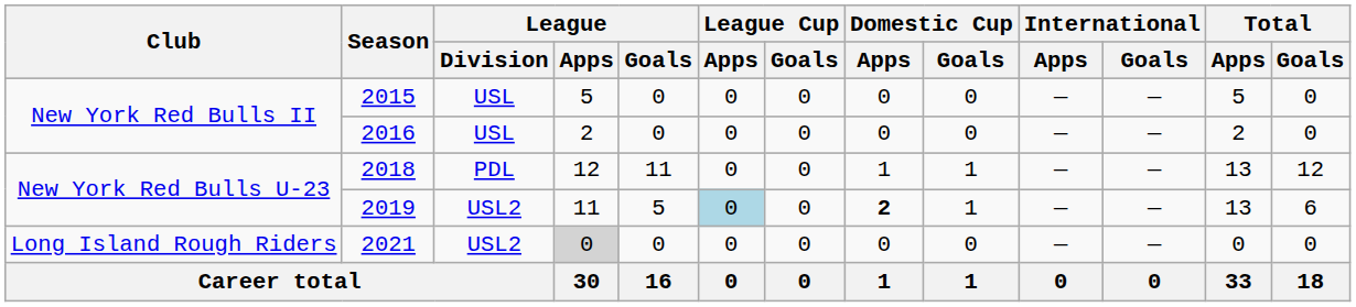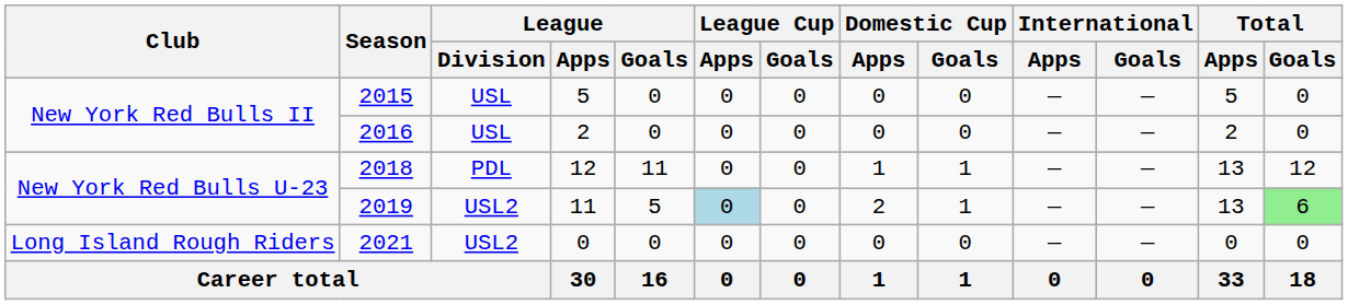 <table class="wikitable" style="text-align: center;">
 <tr>
 <th rowspan="2">Club</th>
 <th rowspan="2">Season</th>
 <th colspan="3">League</th>
 <th colspan="2">League Cup</th>
 <th colspan="2">Domestic Cup</th>
 <th colspan="2">International</th>
 <th colspan="2">Total</th>
 </tr>
 <tr>
 <th>Division</th>
 <th>Apps</th>
 <th>Goals</th>
 <th>Apps</th>
 <th>Goals</th>
 <th>Apps</th>
 <th>Goals</th>
 <th>Apps</th>
 <th>Goals</th>
 <th>Apps</th>
 <th>Goals</th>
 </tr>
 <tr>
 <td rowspan="2"><a href='#'>New York Red Bulls II</a></td>
 <td><a href='#'>2015</a></td>
 <td><a href='#'>USL</a></td>
 <td>5</td>
 <td>0</td>
 <td>0</td>
 <td>0</td>
 <td>0</td>
 <td>0</td>
 <td>—</td>
 <td>—</td>
 <td>5</td>
 <td>0</td>
 </tr>
 <tr>
 <td><a href='#'>2016</a></td>
 <td><a href='#'>USL</a></td>
 <td>2</td>
 <td>0</td>
 <td>0</td>
 <td>0</td>
 <td>0</td>
 <td>0</td>
 <td>—</td>
 <td>—</td>
 <td>2</td>
 <td>0</td>
 </tr>
 <tr>
 <td rowspan="2"><a href='#'>New York Red Bulls U-23</a></td>
 <td><a href='#'>2018</a></td>
 <td><a href='#'>PDL</a></td>
 <td>12</td>
 <td>11</td>
 <td>0</td>
 <td>0</td>
 <td>1</td>
 <td>1</td>
 <td>—</td>
 <td>—</td>
 <td>13</td>
 <td>12</td>
 </tr>
 <tr>
 <td><a href='#'>2019</a></td>
 <td><a href='#'>USL2</a></td>
 <td>11</td>
 <td>5</td>
 <td style="background: lightblue;">0</td>
 <td>0</td>
-<td><strong>2</strong></td>
+<td>2</td>
 <td>1</td>
 <td>—</td>
 <td>—</td>
 <td>13</td>
-<td>6</td>
+<td style="background: lightgreen;">6</td>
 </tr>
 <tr>
 <td><a href='#'>Long Island Rough Riders</a></td>
 <td><a href='#'>2021</a></td>
 <td><a href='#'>USL2</a></td>
-<td style="background: lightgrey;">0</td>
+<td>0</td>
 <td>0</td>
 <td>0</td>
 <td>0</td>
 <td>0</td>
 <td>0</td>
 <td>—</td>
 <td>—</td>
 <td>0</td>
 <td>0</td>
 </tr>
 <tr>
 <th colspan="3">Career total</th>
 <th>30</th>
 <th>16</th>
 <th>0</th>
 <th>0</th>
 <th>1</th>
 <th>1</th>
 <th>0</th>
 <th>0</th>
 <th>33</th>
 <th>18</th>
 </tr>
 </table>
